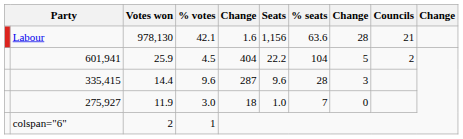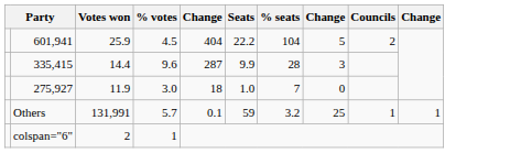 <table class="wikitable" style="font-size:95%;line-height:23px">
 <tr>
 <th colspan="2">Party</th>
 <th>Votes won</th>
 <th>% votes</th>
 <th>Change</th>
 <th>Seats</th>
 <th>% seats</th>
 <th>Change</th>
 <th>Councils</th>
 <th>Change</th>
-</tr>
-<tr>
-<td width="1" bgcolor="DC241f"></td>
-<th colspan="1" style="text-align:left; font-weight:normal; background:#F9F9F9" width="150"><a href='#'>Labour</a></th>
-<td align="right">978,130</td>
-<td align="right">42.1</td>
-<td align="right">1.6</td>
-<td align="right">1,156</td>
-<td align="right">63.6</td>
-<td align="right">28</td>
-<td align="right">21</td>
-<td align="right"></td>
 </tr>
 <tr>
 <td></td>
 <td align="right">601,941</td>
 <td align="right">25.9</td>
 <td align="right">4.5</td>
 <td align="right">404</td>
 <td align="right">22.2</td>
 <td align="right">104</td>
 <td align="right">5</td>
 <td align="right">2</td>
 </tr>
 <tr>
 <td></td>
 <td align="right">335,415</td>
 <td align="right">14.4</td>
 <td align="right">9.6</td>
 <td align="right">287</td>
-<td align="right">9.6</td>
+<td align="right">9.9</td>
 <td align="right">28</td>
 <td align="right">3</td>
 <td align="right"></td>
 </tr>
 <tr>
 <td></td>
 <td align="right">275,927</td>
 <td align="right">11.9</td>
 <td align="right">3.0</td>
 <td align="right">18</td>
 <td align="right">1.0</td>
 <td align="right">7</td>
 <td align="right">0</td>
 <td align="right"></td>
 </tr>
 <tr>
 <td></td>
+<td style="text-align:left;">Others</td>
+<td align="right">131,991</td>
+<td align="right">5.7</td>
+<td align="right">0.1</td>
+<td align="right">59</td>
+<td align="right">3.2</td>
+<td align="right">25</td>
+<td align="right">1</td>
+<td align="right">1</td>
+</tr>
+<tr>
+<td></td>
 <td>colspan="6"   </td>
 <td align="right">2</td>
 <td align="right">1</td>
 </tr>
 </table>
